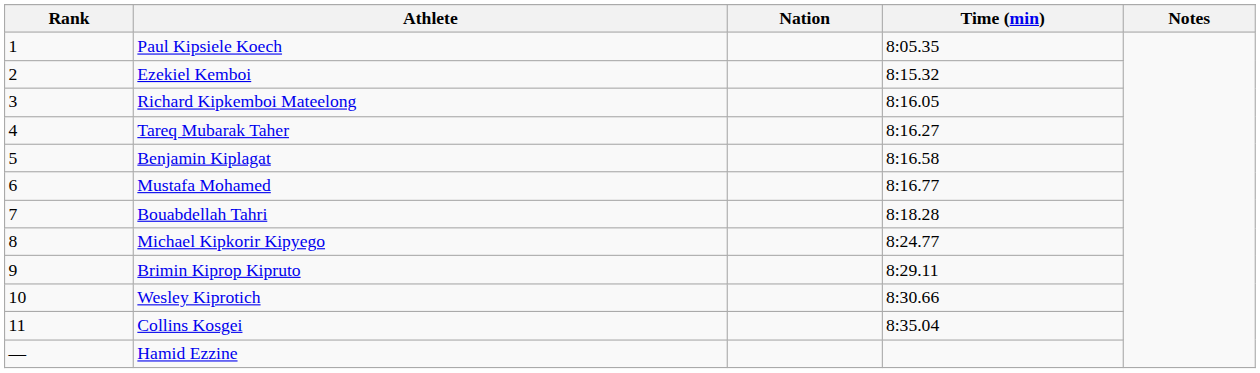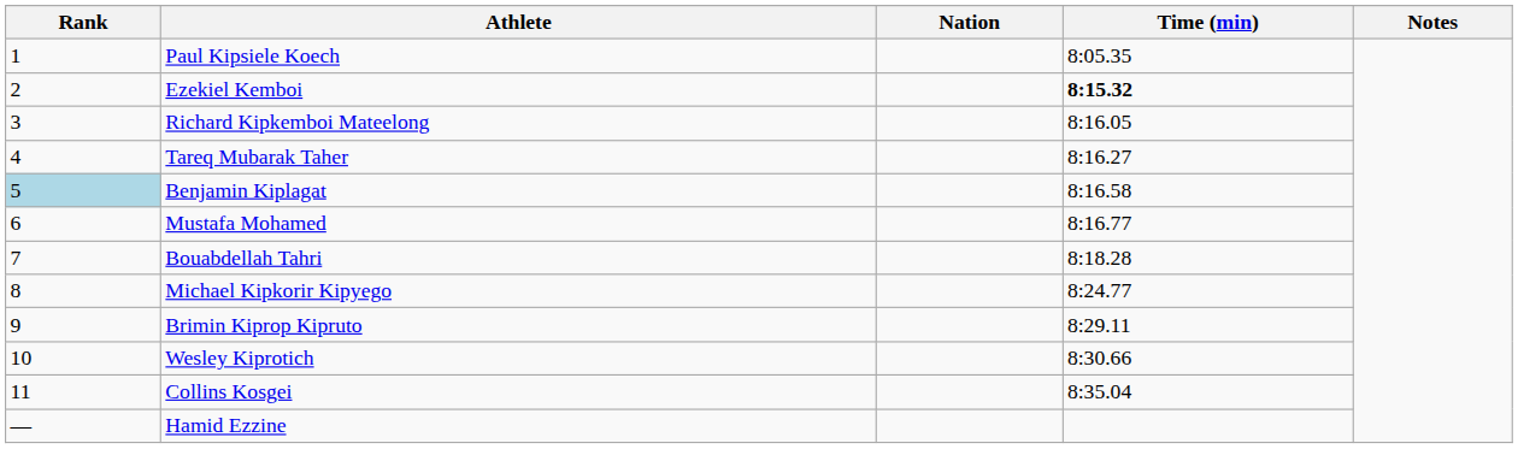 <table class="wikitable" width=90%>
 <tr>
 </tr>
 <tr>
 <th>Rank</th>
 <th>Athlete</th>
 <th>Nation</th>
 <th>Time (<a href='#'>min</a>)</th>
 <th>Notes</th>
 </tr>
 <tr>
 <td>1</td>
 <td><a href='#'>Paul Kipsiele Koech</a></td>
 <td></td>
 <td>8:05.35</td>
 </tr>
 <tr>
 <td>2</td>
 <td><a href='#'>Ezekiel Kemboi</a></td>
 <td></td>
-<td>8:15.32</td>
+<td><strong>8:15.32</strong></td>
 </tr>
 <tr>
 <td>3</td>
 <td><a href='#'>Richard Kipkemboi Mateelong</a></td>
 <td></td>
 <td>8:16.05</td>
 </tr>
 <tr>
 <td>4</td>
 <td><a href='#'>Tareq Mubarak Taher</a></td>
 <td></td>
 <td>8:16.27</td>
 </tr>
 <tr>
-<td>5</td>
+<td style="background: lightblue;">5</td>
 <td><a href='#'>Benjamin Kiplagat</a></td>
 <td></td>
 <td>8:16.58</td>
 </tr>
 <tr>
 <td>6</td>
 <td><a href='#'>Mustafa Mohamed</a></td>
 <td></td>
 <td>8:16.77</td>
 </tr>
 <tr>
 <td>7</td>
 <td><a href='#'>Bouabdellah Tahri</a></td>
 <td></td>
 <td>8:18.28</td>
 </tr>
 <tr>
 <td>8</td>
 <td><a href='#'>Michael Kipkorir Kipyego</a></td>
 <td></td>
 <td>8:24.77</td>
 </tr>
 <tr>
 <td>9</td>
 <td><a href='#'>Brimin Kiprop Kipruto</a></td>
 <td></td>
 <td>8:29.11</td>
 </tr>
 <tr>
 <td>10</td>
 <td><a href='#'>Wesley Kiprotich</a></td>
 <td></td>
 <td>8:30.66</td>
 </tr>
 <tr>
 <td>11</td>
 <td><a href='#'>Collins Kosgei</a></td>
 <td></td>
 <td>8:35.04</td>
 </tr>
 <tr>
 <td>—</td>
 <td><a href='#'>Hamid Ezzine</a></td>
 <td></td>
 <td></td>
 </tr>
 </table>
